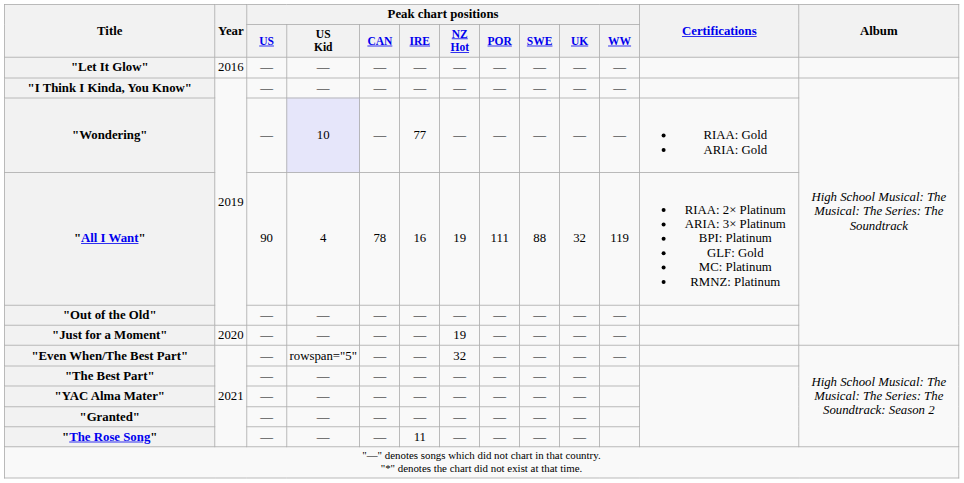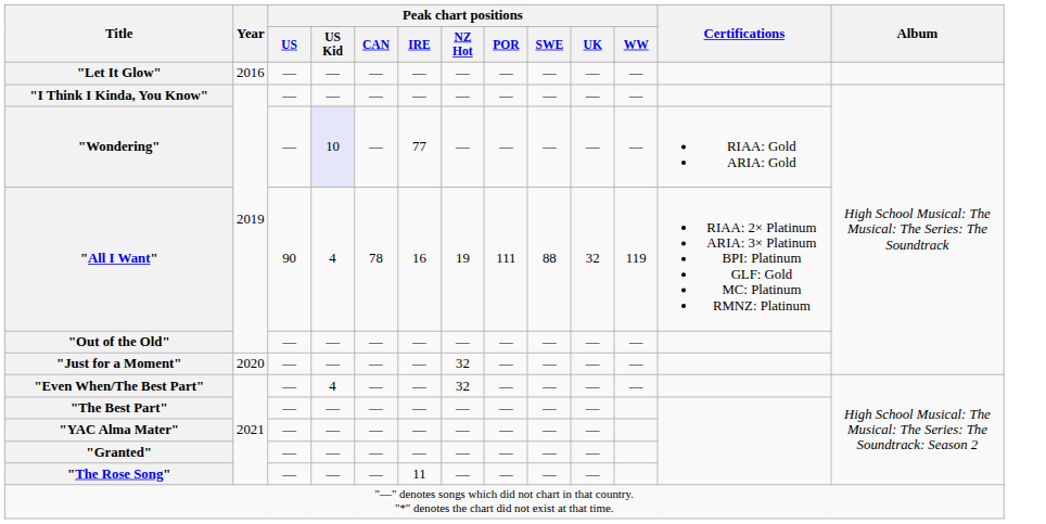 <table class="wikitable plainrowheaders" style="text-align:center;">
 <tr>
 <th scope="col" rowspan="2" style="width:16em;">Title</th>
 <th scope="col" rowspan="2">Year</th>
 <th scope="col" colspan="9">Peak chart positions</th>
 <th scope="col" rowspan="2" style="width:12em;"><a href='#'>Certifications</a></th>
 <th scope="col" rowspan="2" style="width:12em;">Album</th>
 </tr>
 <tr>
 <th scope="col" style="width:3em;font-size:90%;"><a href='#'>US</a><br></th>
 <th scope="col" style="width:3em;font-size:90%;">US<br>Kid<br></th>
 <th scope="col" style="width:3em;font-size:90%;"><a href='#'>CAN</a><br></th>
 <th scope="col" style="width:3em;font-size:90%;"><a href='#'>IRE</a><br></th>
 <th scope="col" style="width:3em;font-size:90%;"><a href='#'>NZ<br>Hot</a><br></th>
 <th scope="col" style="width:3em;font-size:90%;"><a href='#'>POR</a><br></th>
 <th scope="col" style="width:3em;font-size:90%;"><a href='#'>SWE</a><br></th>
 <th scope="col" style="width:3em;font-size:90%;"><a href='#'>UK</a><br></th>
 <th scope="col" style="width:3em;font-size:90%;"><a href='#'>WW</a><br></th>
 </tr>
 <tr>
 <th scope="row">"Let It Glow"<br></th>
 <td>2016</td>
 <td>—</td>
 <td>—</td>
 <td>—</td>
 <td>—</td>
 <td>—</td>
 <td>—</td>
 <td>—</td>
 <td>—</td>
 <td>—</td>
 <td></td>
 <td></td>
 </tr>
 <tr>
 <th scope="row">"I Think I Kinda, You Know" <br></th>
 <td rowspan="4">2019</td>
 <td>—</td>
 <td>—</td>
 <td>—</td>
 <td>—</td>
 <td>—</td>
 <td>—</td>
 <td>—</td>
 <td>—</td>
 <td>—</td>
 <td></td>
 <td rowspan="5"><em>High School Musical: The Musical: The Series: The Soundtrack</em></td>
 </tr>
 <tr>
 <th scope="row">"Wondering" <br></th>
 <td>—</td>
 <td style="background: lavender;">10</td>
 <td>—</td>
 <td>77</td>
 <td>—</td>
 <td>—</td>
 <td>—</td>
 <td>—</td>
 <td>—</td>
 <td><br><ul><li>RIAA: Gold</li><li>ARIA: Gold</li></ul></td>
 </tr>
 <tr>
 <th scope="row">"<a href='#'>All I Want</a>"</th>
 <td>90</td>
 <td>4</td>
 <td>78</td>
 <td>16</td>
 <td>19</td>
 <td>111</td>
 <td>88</td>
 <td>32</td>
 <td>119</td>
 <td><br><ul><li>RIAA: 2× Platinum</li><li>ARIA: 3× Platinum</li><li>BPI: Platinum</li><li>GLF: Gold</li><li>MC: Platinum</li><li>RMNZ: Platinum</li></ul></td>
 </tr>
 <tr>
 <th scope="row">"Out of the Old"</th>
 <td>—</td>
 <td>—</td>
 <td>—</td>
 <td>—</td>
 <td>—</td>
 <td>—</td>
 <td>—</td>
 <td>—</td>
 <td>—</td>
 <td></td>
 </tr>
 <tr>
 <th scope="row">"Just for a Moment"<br></th>
 <td>2020</td>
 <td>—</td>
 <td>—</td>
 <td>—</td>
 <td>—</td>
-<td>19</td>
+<td>32</td>
 <td>—</td>
 <td>—</td>
 <td>—</td>
 <td>—</td>
 </tr>
 <tr>
 <th scope="row">"Even When/The Best Part"<br></th>
 <td rowspan="5">2021</td>
 <td>—</td>
-<td>rowspan="5" </td>
+<td>4</td>
 <td>—</td>
 <td>—</td>
 <td>32</td>
 <td>—</td>
 <td>—</td>
 <td>—</td>
 <td>—</td>
 <td></td>
 <td rowspan="5"><em>High School Musical: The Musical: The Series: The Soundtrack: Season 2</em></td>
 </tr>
 <tr>
 <th scope="row">"The Best Part"</th>
 <td>—</td>
 <td>—</td>
 <td>—</td>
 <td>—</td>
 <td>—</td>
 <td>—</td>
 <td>—</td>
 <td>—</td>
 <td></td>
 </tr>
 <tr>
 <th scope="row">"YAC Alma Mater"</th>
 <td>—</td>
 <td>—</td>
 <td>—</td>
 <td>—</td>
 <td>—</td>
 <td>—</td>
 <td>—</td>
 <td>—</td>
 <td></td>
 </tr>
 <tr>
 <th scope="row">"Granted"</th>
 <td>—</td>
 <td>—</td>
 <td>—</td>
 <td>—</td>
 <td>—</td>
 <td>—</td>
 <td>—</td>
 <td>—</td>
 <td></td>
 </tr>
 <tr>
 <th scope="row">"<a href='#'>The Rose Song</a>"</th>
 <td>—</td>
 <td>—</td>
 <td>—</td>
 <td>11</td>
 <td>—</td>
 <td>—</td>
 <td>—</td>
 <td>—</td>
 <td></td>
 </tr>
 <tr>
 <td colspan="13" style="font-size:85%;">"—" denotes songs which did not chart in that country.<br>"*" denotes the chart did not exist at that time.</td>
 </tr>
 </table>
